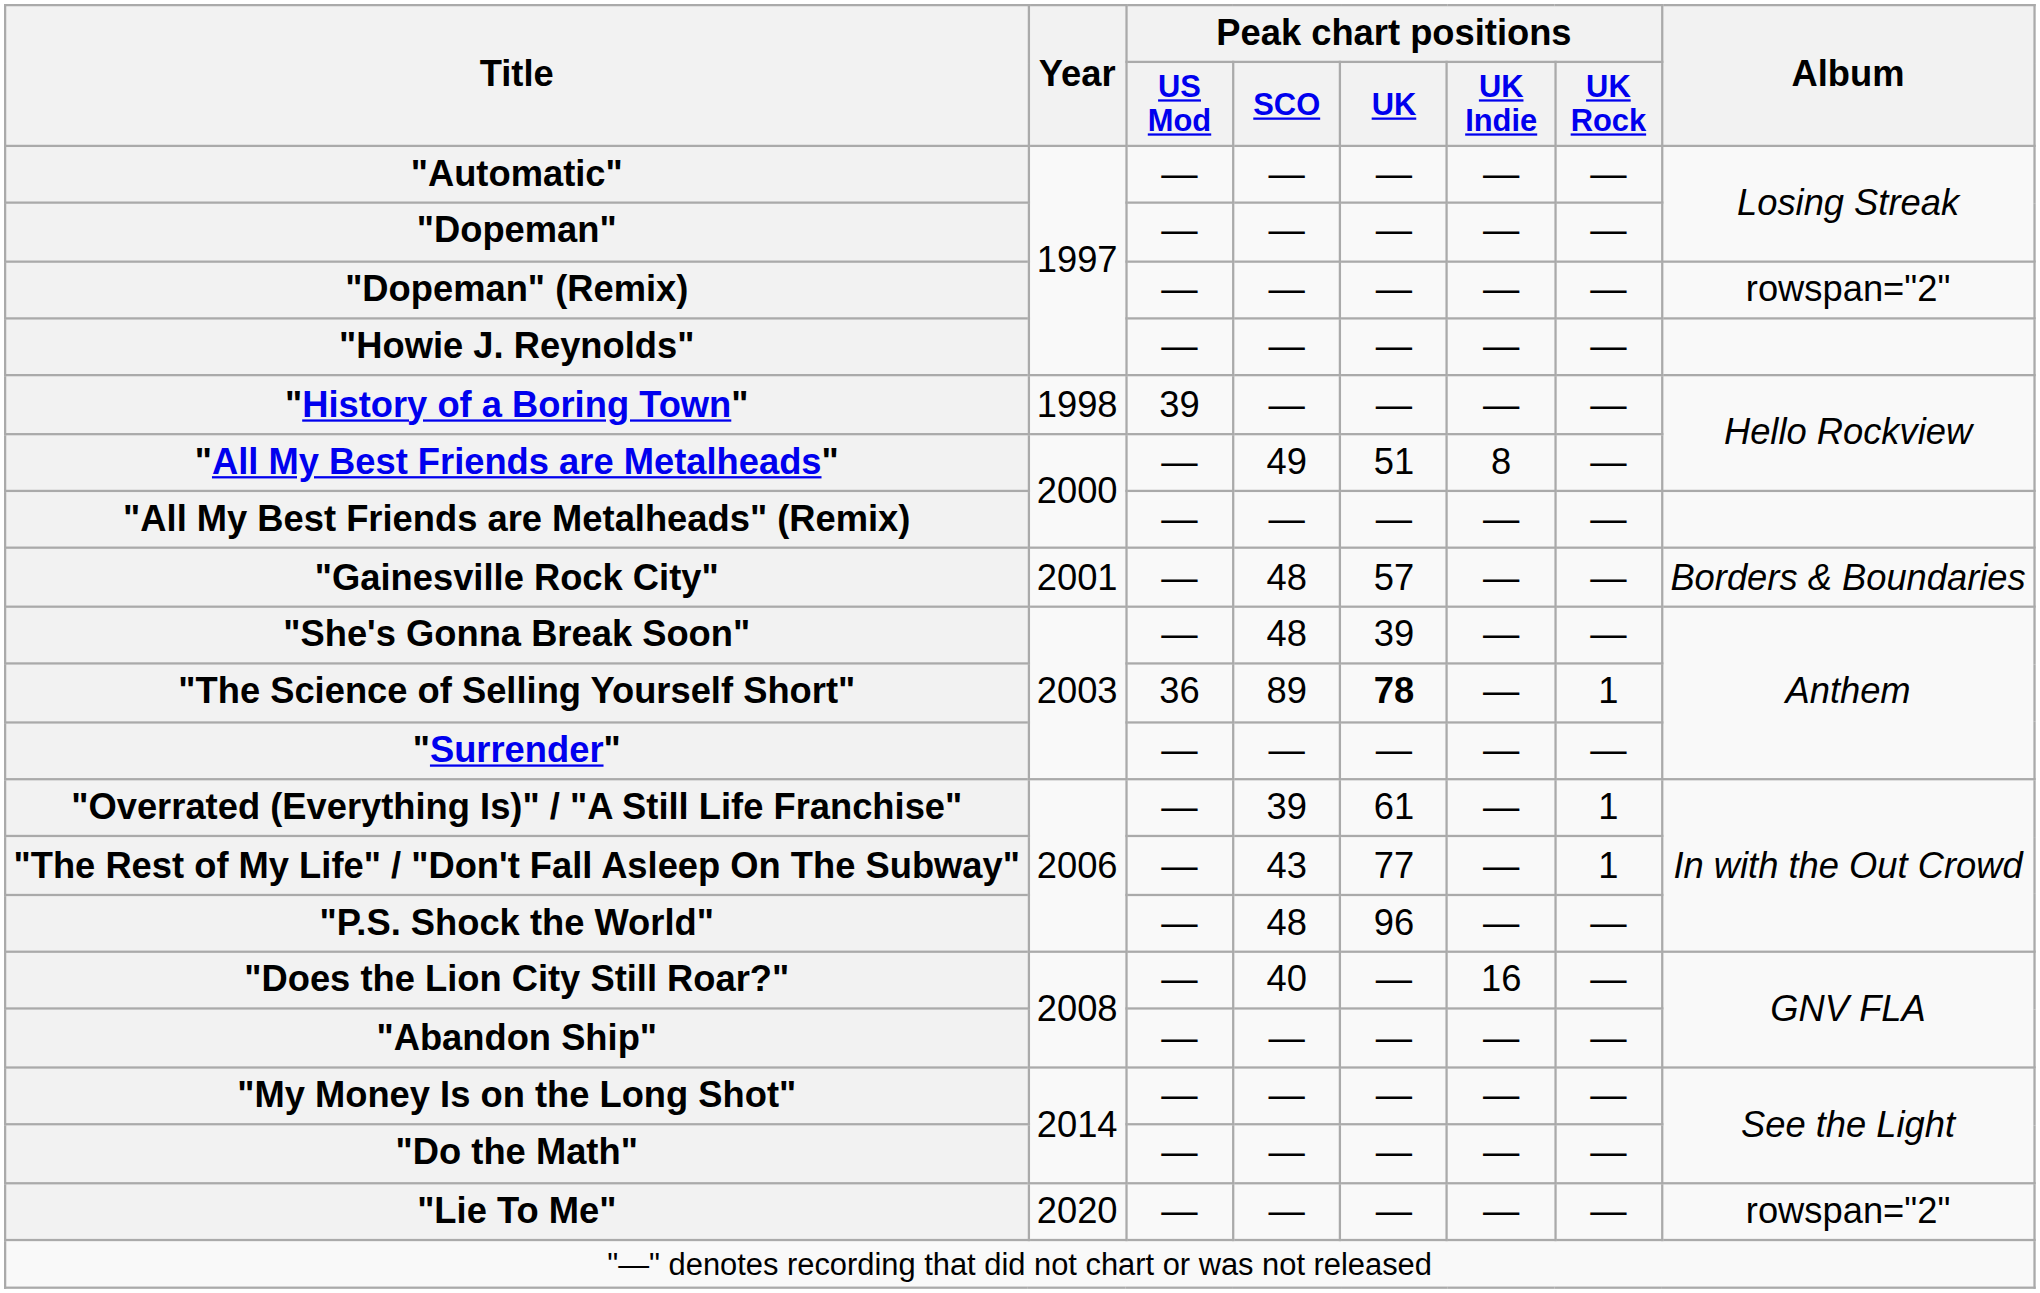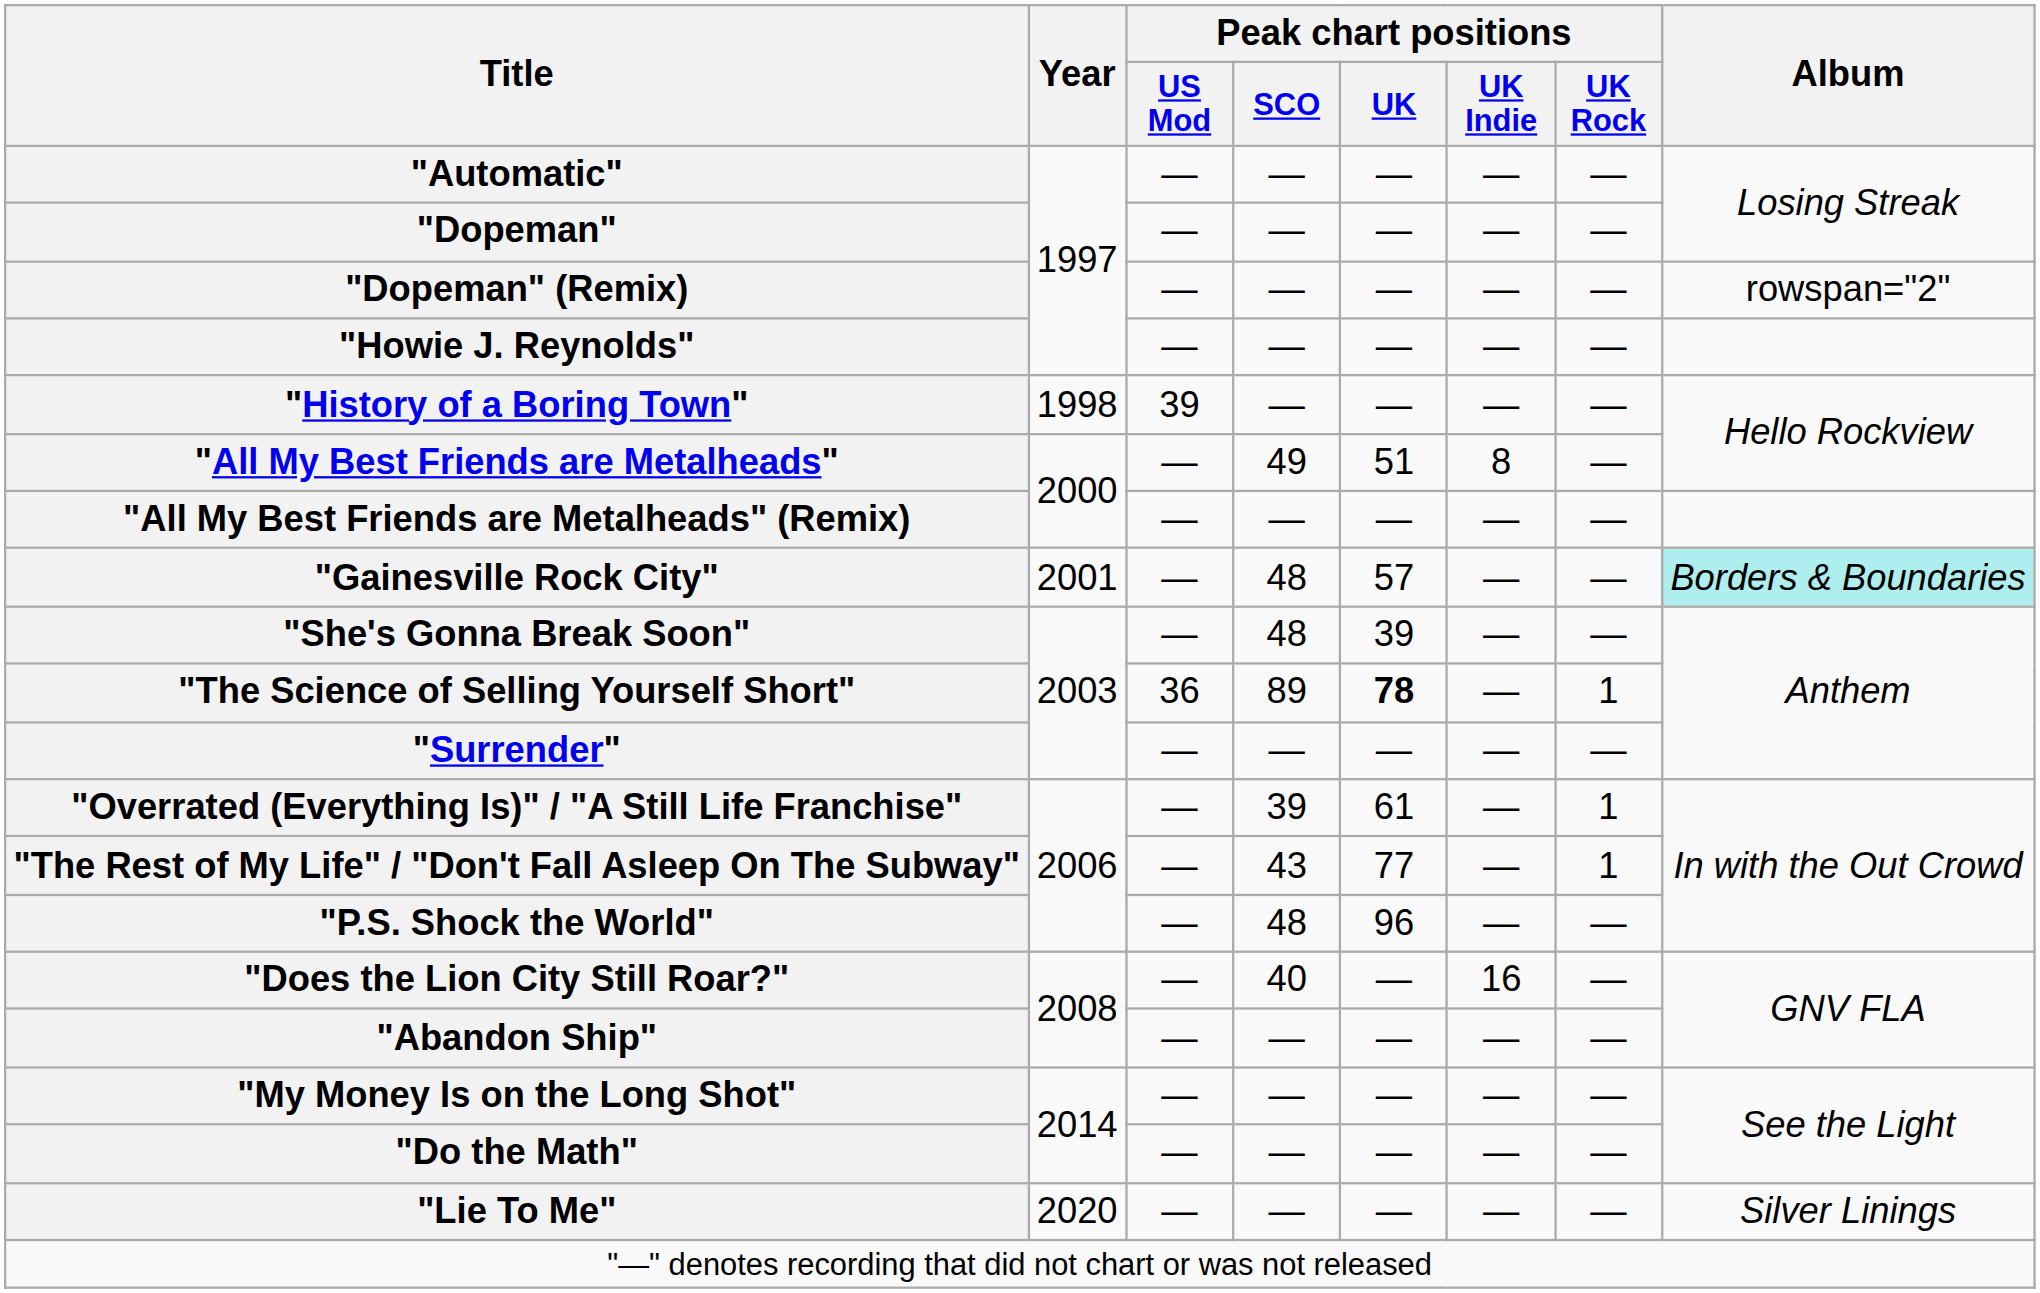 <table class="wikitable plainrowheaders" style="text-align:center;">
 <tr>
 <th scope="col" rowspan="2">Title</th>
 <th scope="col" rowspan="2">Year</th>
 <th scope="col" colspan="5">Peak chart positions</th>
 <th scope="col" rowspan="2">Album</th>
 </tr>
 <tr>
 <th scope="col" style="width:3em;font-size:85%;"><a href='#'>US Mod</a><br></th>
 <th scope="col" style="width:3em;font-size:85%;"><a href='#'>SCO</a><br></th>
 <th scope="col" style="width:3em;font-size:85%;"><a href='#'>UK</a><br></th>
 <th scope="col" style="width:3em;font-size:85%;"><a href='#'>UK<br>Indie</a><br></th>
 <th scope="col" style="width:3em;font-size:85%;"><a href='#'>UK<br>Rock</a><br></th>
 </tr>
 <tr>
 <th scope="row">"Automatic"</th>
 <td rowspan="4">1997</td>
 <td>—</td>
 <td>—</td>
 <td>—</td>
 <td>—</td>
 <td>—</td>
 <td rowspan="2"><em>Losing Streak</em></td>
 </tr>
 <tr>
 <th scope="row">"Dopeman"</th>
 <td>—</td>
 <td>—</td>
 <td>—</td>
 <td>—</td>
 <td>—</td>
 </tr>
 <tr>
 <th scope="row">"Dopeman" (Remix)</th>
 <td>—</td>
 <td>—</td>
 <td>—</td>
 <td>—</td>
 <td>—</td>
 <td>rowspan="2" </td>
 </tr>
 <tr>
 <th scope="row">"Howie J. Reynolds"</th>
 <td>—</td>
 <td>—</td>
 <td>—</td>
 <td>—</td>
 <td>—</td>
 </tr>
 <tr>
 <th scope="row">"<a href='#'>History of a Boring Town</a>"</th>
 <td>1998</td>
 <td>39</td>
 <td>—</td>
 <td>—</td>
 <td>—</td>
 <td>—</td>
 <td rowspan="2"><em>Hello Rockview</em></td>
 </tr>
 <tr>
 <th scope="row">"<a href='#'>All My Best Friends are Metalheads</a>"</th>
 <td rowspan="2">2000</td>
 <td>—</td>
 <td>49</td>
 <td>51</td>
 <td>8</td>
 <td>—</td>
 </tr>
 <tr>
 <th scope="row">"All My Best Friends are Metalheads" (Remix)</th>
 <td>—</td>
 <td>—</td>
 <td>—</td>
 <td>—</td>
 <td>—</td>
 <td></td>
 </tr>
 <tr>
 <th scope="row">"Gainesville Rock City"</th>
 <td>2001</td>
 <td>—</td>
 <td>48</td>
 <td>57</td>
 <td>—</td>
 <td>—</td>
-<td><em>Borders & Boundaries</em></td>
+<td style="background: paleturquoise;"><em>Borders & Boundaries</em></td>
 </tr>
 <tr>
 <th scope="row">"She's Gonna Break Soon"</th>
 <td rowspan="3">2003</td>
 <td>—</td>
 <td>48</td>
 <td>39</td>
 <td>—</td>
 <td>—</td>
 <td rowspan="3"><em>Anthem</em></td>
 </tr>
 <tr>
 <th scope="row">"The Science of Selling Yourself Short"</th>
 <td>36</td>
 <td>89</td>
 <td><strong>78</strong></td>
 <td>—</td>
 <td>1</td>
 </tr>
 <tr>
 <th scope="row">"<a href='#'>Surrender</a>"</th>
 <td>—</td>
 <td>—</td>
 <td>—</td>
 <td>—</td>
 <td>—</td>
 </tr>
 <tr>
 <th scope="row">"Overrated (Everything Is)" / "A Still Life Franchise"</th>
 <td rowspan="3">2006</td>
 <td>—</td>
 <td>39</td>
 <td>61</td>
 <td>—</td>
 <td>1</td>
 <td rowspan="3"><em>In with the Out Crowd</em></td>
 </tr>
 <tr>
 <th scope="row">"The Rest of My Life" / "Don't Fall Asleep On The Subway"</th>
 <td>—</td>
 <td>43</td>
 <td>77</td>
 <td>—</td>
 <td>1</td>
 </tr>
 <tr>
 <th scope="row">"P.S. Shock the World"</th>
 <td>—</td>
 <td>48</td>
 <td>96</td>
 <td>—</td>
 <td>—</td>
 </tr>
 <tr>
 <th scope="row">"Does the Lion City Still Roar?"</th>
 <td rowspan="2">2008</td>
 <td>—</td>
 <td>40</td>
 <td>—</td>
 <td>16</td>
 <td>—</td>
 <td rowspan="2"><em>GNV FLA</em></td>
 </tr>
 <tr>
 <th scope="row">"Abandon Ship"</th>
 <td>—</td>
 <td>—</td>
 <td>—</td>
 <td>—</td>
 <td>—</td>
 </tr>
 <tr>
 <th scope="row">"My Money Is on the Long Shot"</th>
 <td rowspan="2">2014</td>
 <td>—</td>
 <td>—</td>
 <td>—</td>
 <td>—</td>
 <td>—</td>
 <td rowspan="2"><em>See the Light</em></td>
 </tr>
 <tr>
 <th scope="row">"Do the Math"</th>
 <td>—</td>
 <td>—</td>
 <td>—</td>
 <td>—</td>
 <td>—</td>
 </tr>
 <tr>
 <th scope="row">"Lie To Me"</th>
 <td>2020</td>
 <td>—</td>
 <td>—</td>
 <td>—</td>
 <td>—</td>
 <td>—</td>
-<td>rowspan="2" </td>
+<td><em>Silver Linings</em></td>
 </tr>
 <tr>
 <td colspan="18" style="text-align:center; font-size:85%;">"—" denotes recording that did not chart or was not released</td>
 </tr>
 </table>
